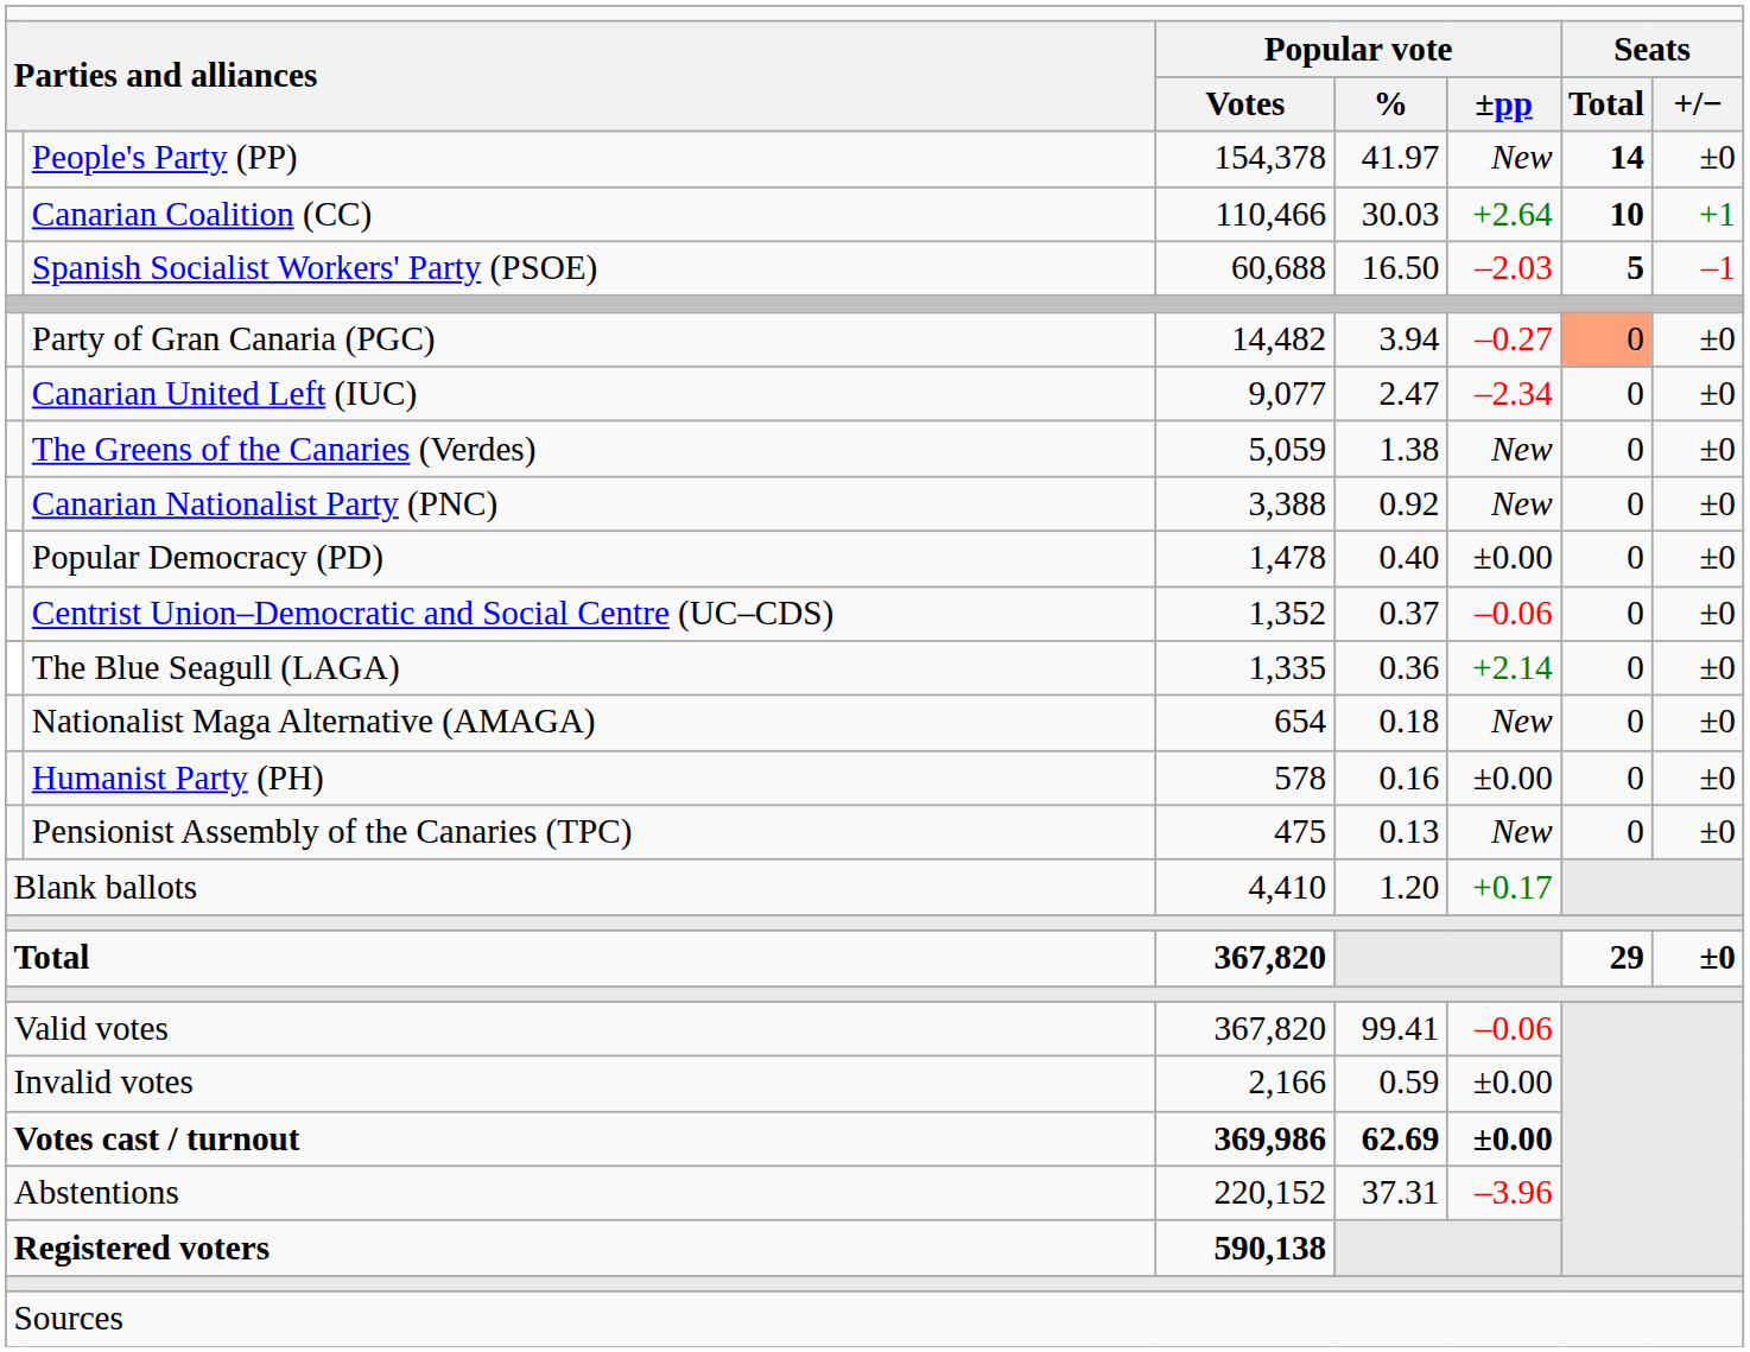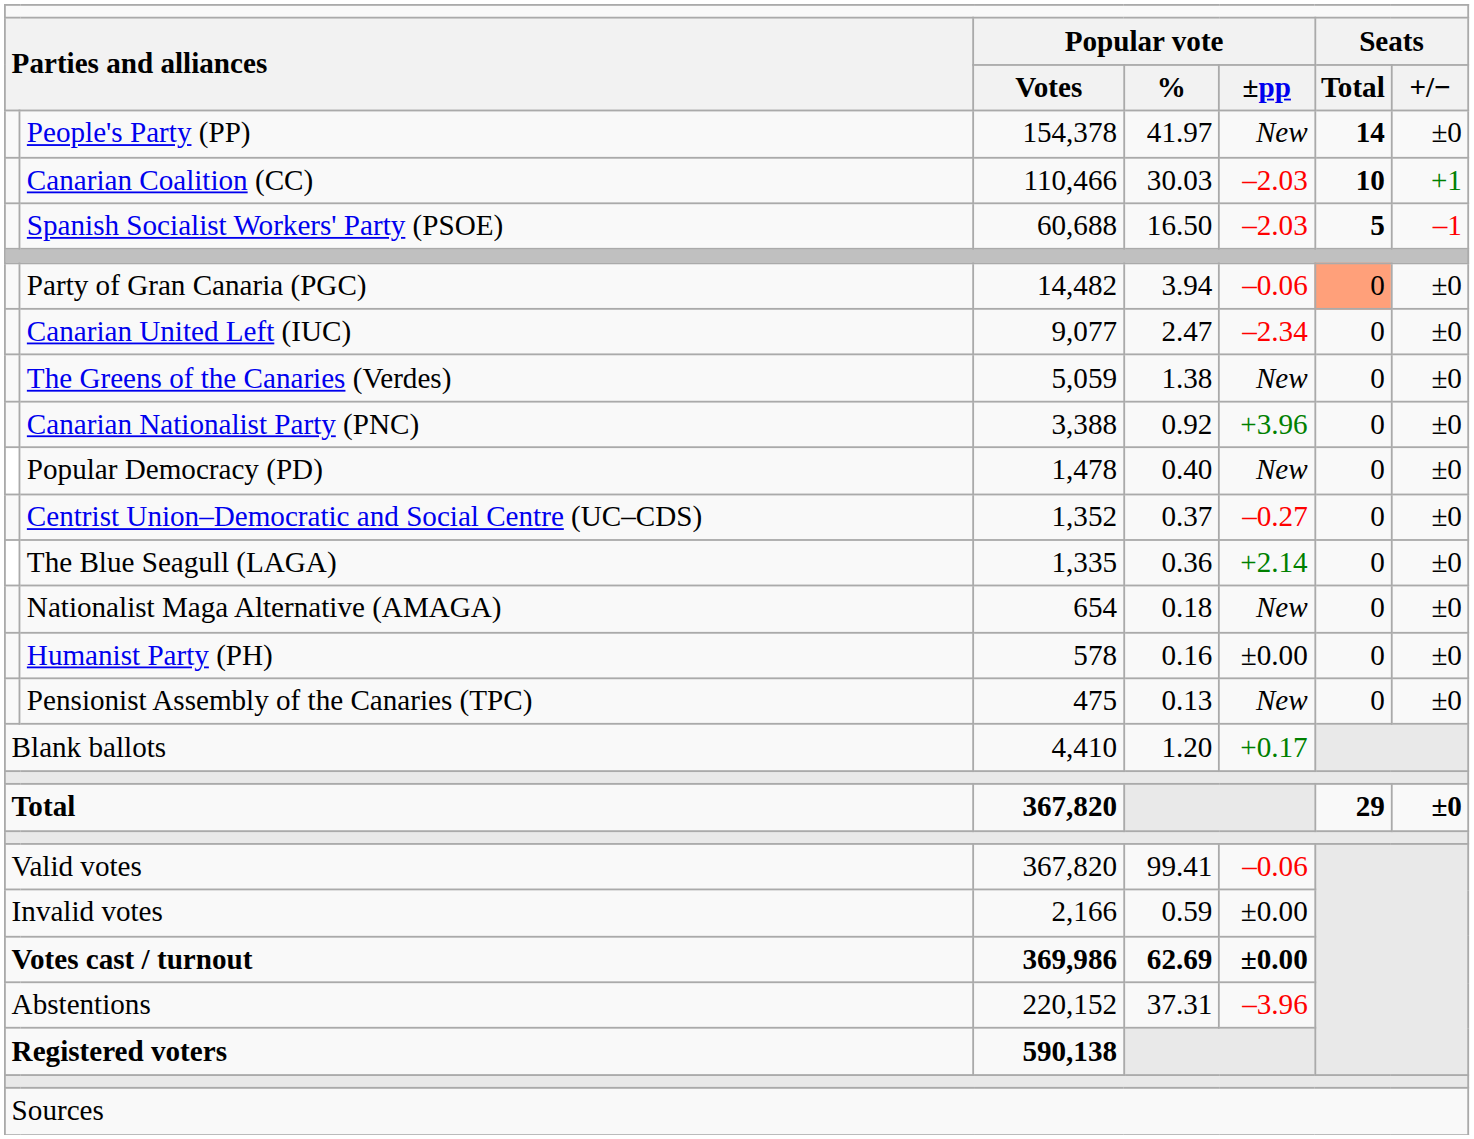 <table class="wikitable" style="text-align:right;">
 <tr>
 <td colspan="7"></td>
 </tr>
 <tr>
 <th style="text-align:left;" rowspan="2" colspan="2" width="525">Parties and alliances</th>
 <th colspan="3">Popular vote</th>
 <th colspan="2">Seats</th>
 </tr>
 <tr>
 <th width="75">Votes</th>
 <th width="45">%</th>
 <th width="45">±<a href='#'>pp</a></th>
 <th width="35">Total</th>
 <th width="35">+/−</th>
 </tr>
 <tr>
 <td width="1" style="color:inherit;background:"></td>
 <td align="left"><a href='#'>People's Party</a> (PP)</td>
 <td>154,378</td>
 <td>41.97</td>
 <td><em>New</em></td>
 <td><strong>14</strong></td>
 <td>±0</td>
 </tr>
 <tr>
 <td style="color:inherit;background:"></td>
 <td align="left"><a href='#'>Canarian Coalition</a> (CC)</td>
 <td>110,466</td>
 <td>30.03</td>
-<td style="color:green;">+2.64</td>
+<td style="color:red;">–2.03</td>
 <td><strong>10</strong></td>
 <td style="color:green;">+1</td>
 </tr>
 <tr>
 <td style="color:inherit;background:"></td>
 <td align="left"><a href='#'>Spanish Socialist Workers' Party</a> (PSOE)</td>
 <td>60,688</td>
 <td>16.50</td>
 <td style="color:red;">–2.03</td>
 <td><strong>5</strong></td>
 <td style="color:red;">–1</td>
 </tr>
 <tr>
 <td colspan="7" bgcolor="#C0C0C0"></td>
 </tr>
 <tr>
 <td style="color:inherit;background:"></td>
 <td align="left">Party of Gran Canaria (PGC)</td>
 <td>14,482</td>
 <td>3.94</td>
-<td style="color:red;">–0.27</td>
+<td style="color:red;">–0.06</td>
 <td style="background: lightsalmon;">0</td>
 <td>±0</td>
 </tr>
 <tr>
 <td style="color:inherit;background:"></td>
 <td align="left"><a href='#'>Canarian United Left</a> (IUC)</td>
 <td>9,077</td>
 <td>2.47</td>
 <td style="color:red;">–2.34</td>
 <td>0</td>
 <td>±0</td>
 </tr>
 <tr>
 <td style="color:inherit;background:"></td>
 <td align="left"><a href='#'>The Greens of the Canaries</a> (Verdes)</td>
 <td>5,059</td>
 <td>1.38</td>
 <td><em>New</em></td>
 <td>0</td>
 <td>±0</td>
 </tr>
 <tr>
 <td style="color:inherit;background:"></td>
 <td align="left"><a href='#'>Canarian Nationalist Party</a> (PNC)</td>
 <td>3,388</td>
 <td>0.92</td>
-<td><em>New</em></td>
+<td style="color:green;">+3.96</td>
 <td>0</td>
 <td>±0</td>
 </tr>
 <tr>
 <td bgcolor="white"></td>
 <td align="left">Popular Democracy (PD)</td>
 <td>1,478</td>
 <td>0.40</td>
-<td>±0.00</td>
+<td><em>New</em></td>
 <td>0</td>
 <td>±0</td>
 </tr>
 <tr>
 <td style="color:inherit;background:"></td>
 <td align="left"><a href='#'>Centrist Union–Democratic and Social Centre</a> (UC–CDS)</td>
 <td>1,352</td>
 <td>0.37</td>
-<td style="color:red;">–0.06</td>
+<td style="color:red;">–0.27</td>
 <td>0</td>
 <td>±0</td>
 </tr>
 <tr>
 <td bgcolor="white"></td>
 <td align="left">The Blue Seagull (LAGA)</td>
 <td>1,335</td>
 <td>0.36</td>
 <td style="color:green;">+2.14</td>
 <td>0</td>
 <td>±0</td>
 </tr>
 <tr>
 <td style="color:inherit;background:"></td>
 <td align="left">Nationalist Maga Alternative (AMAGA)</td>
 <td>654</td>
 <td>0.18</td>
 <td><em>New</em></td>
 <td>0</td>
 <td>±0</td>
 </tr>
 <tr>
 <td style="color:inherit;background:"></td>
 <td align="left"><a href='#'>Humanist Party</a> (PH)</td>
 <td>578</td>
 <td>0.16</td>
 <td>±0.00</td>
 <td>0</td>
 <td>±0</td>
 </tr>
 <tr>
 <td style="color:inherit;background:"></td>
 <td align="left">Pensionist Assembly of the Canaries (TPC)</td>
 <td>475</td>
 <td>0.13</td>
 <td><em>New</em></td>
 <td>0</td>
 <td>±0</td>
 </tr>
 <tr>
 <td align="left" colspan="2">Blank ballots</td>
 <td>4,410</td>
 <td>1.20</td>
 <td style="color:green;">+0.17</td>
 <td bgcolor="#E9E9E9" colspan="2"></td>
 </tr>
 <tr>
 <td colspan="7" bgcolor="#E9E9E9"></td>
 </tr>
 <tr style="font-weight:bold;">
 <td align="left" colspan="2">Total</td>
 <td>367,820</td>
 <td bgcolor="#E9E9E9" colspan="2"></td>
 <td>29</td>
 <td>±0</td>
 </tr>
 <tr>
 <td colspan="7" bgcolor="#E9E9E9"></td>
 </tr>
 <tr>
 <td align="left" colspan="2">Valid votes</td>
 <td>367,820</td>
 <td>99.41</td>
 <td style="color:red;">–0.06</td>
 <td bgcolor="#E9E9E9" colspan="2" rowspan="5"></td>
 </tr>
 <tr>
 <td align="left" colspan="2">Invalid votes</td>
 <td>2,166</td>
 <td>0.59</td>
 <td>±0.00</td>
 </tr>
 <tr style="font-weight:bold;">
 <td align="left" colspan="2">Votes cast / turnout</td>
 <td>369,986</td>
 <td>62.69</td>
 <td>±0.00</td>
 </tr>
 <tr>
 <td align="left" colspan="2">Abstentions</td>
 <td>220,152</td>
 <td>37.31</td>
 <td style="color:red;">–3.96</td>
 </tr>
 <tr style="font-weight:bold;">
 <td align="left" colspan="2">Registered voters</td>
 <td>590,138</td>
 <td bgcolor="#E9E9E9" colspan="2"></td>
 </tr>
 <tr>
 <td colspan="7" bgcolor="#E9E9E9"></td>
 </tr>
 <tr>
 <td align="left" colspan="7">Sources</td>
 </tr>
 </table>
